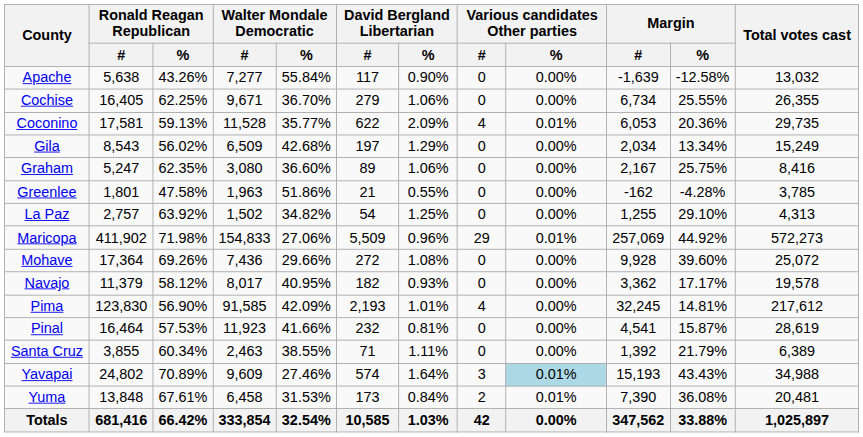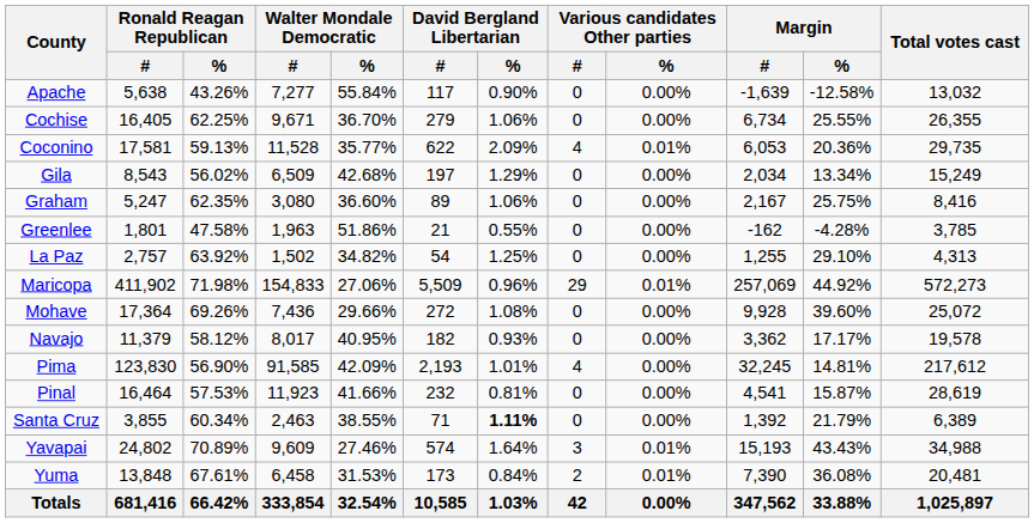 <table width="60%" class="wikitable sortable">
 <tr>
 <th rowspan="2">County</th>
 <th style="text-align:center;" colspan="2">Ronald Reagan<br>Republican</th>
 <th style="text-align:center;" colspan="2">Walter Mondale<br>Democratic</th>
 <th style="text-align:center;" colspan="2">David Bergland<br>Libertarian</th>
 <th style="text-align:center;" colspan="2">Various candidates<br>Other parties</th>
 <th style="text-align:center;" colspan="2">Margin</th>
 <th style="text-align:center;" rowspan="2">Total votes cast</th>
 </tr>
 <tr>
 <th style="text-align:center;" data-sort-type="number">#</th>
 <th style="text-align:center;" data-sort-type="number">%</th>
 <th style="text-align:center;" data-sort-type="number">#</th>
 <th style="text-align:center;" data-sort-type="number">%</th>
 <th style="text-align:center;" data-sort-type="number">#</th>
 <th style="text-align:center;" data-sort-type="number">%</th>
 <th style="text-align:center;" data-sort-type="number">#</th>
 <th style="text-align:center;" data-sort-type="number">%</th>
 <th style="text-align:center;" data-sort-type="number">#</th>
 <th style="text-align:center;" data-sort-type="number">%</th>
 </tr>
 <tr style="text-align:center;">
 <td><a href='#'>Apache</a></td>
 <td>5,638</td>
 <td>43.26%</td>
 <td>7,277</td>
 <td>55.84%</td>
 <td>117</td>
 <td>0.90%</td>
 <td>0</td>
 <td>0.00%</td>
 <td>-1,639</td>
 <td>-12.58%</td>
 <td>13,032</td>
 </tr>
 <tr style="text-align:center;">
 <td><a href='#'>Cochise</a></td>
 <td>16,405</td>
 <td>62.25%</td>
 <td>9,671</td>
 <td>36.70%</td>
 <td>279</td>
 <td>1.06%</td>
 <td>0</td>
 <td>0.00%</td>
 <td>6,734</td>
 <td>25.55%</td>
 <td>26,355</td>
 </tr>
 <tr style="text-align:center;">
 <td><a href='#'>Coconino</a></td>
 <td>17,581</td>
 <td>59.13%</td>
 <td>11,528</td>
 <td>35.77%</td>
 <td>622</td>
 <td>2.09%</td>
 <td>4</td>
 <td>0.01%</td>
 <td>6,053</td>
 <td>20.36%</td>
 <td>29,735</td>
 </tr>
 <tr style="text-align:center;">
 <td><a href='#'>Gila</a></td>
 <td>8,543</td>
 <td>56.02%</td>
 <td>6,509</td>
 <td>42.68%</td>
 <td>197</td>
 <td>1.29%</td>
 <td>0</td>
 <td>0.00%</td>
 <td>2,034</td>
 <td>13.34%</td>
 <td>15,249</td>
 </tr>
 <tr style="text-align:center;">
 <td><a href='#'>Graham</a></td>
 <td>5,247</td>
 <td>62.35%</td>
 <td>3,080</td>
 <td>36.60%</td>
 <td>89</td>
 <td>1.06%</td>
 <td>0</td>
 <td>0.00%</td>
 <td>2,167</td>
 <td>25.75%</td>
 <td>8,416</td>
 </tr>
 <tr style="text-align:center;">
 <td><a href='#'>Greenlee</a></td>
 <td>1,801</td>
 <td>47.58%</td>
 <td>1,963</td>
 <td>51.86%</td>
 <td>21</td>
 <td>0.55%</td>
 <td>0</td>
 <td>0.00%</td>
 <td>-162</td>
 <td>-4.28%</td>
 <td>3,785</td>
 </tr>
 <tr style="text-align:center;">
 <td><a href='#'>La Paz</a></td>
 <td>2,757</td>
 <td>63.92%</td>
 <td>1,502</td>
 <td>34.82%</td>
 <td>54</td>
 <td>1.25%</td>
 <td>0</td>
 <td>0.00%</td>
 <td>1,255</td>
 <td>29.10%</td>
 <td>4,313</td>
 </tr>
 <tr style="text-align:center;">
 <td><a href='#'>Maricopa</a></td>
 <td>411,902</td>
 <td>71.98%</td>
 <td>154,833</td>
 <td>27.06%</td>
 <td>5,509</td>
 <td>0.96%</td>
 <td>29</td>
 <td>0.01%</td>
 <td>257,069</td>
 <td>44.92%</td>
 <td>572,273</td>
 </tr>
 <tr style="text-align:center;">
 <td><a href='#'>Mohave</a></td>
 <td>17,364</td>
 <td>69.26%</td>
 <td>7,436</td>
 <td>29.66%</td>
 <td>272</td>
 <td>1.08%</td>
 <td>0</td>
 <td>0.00%</td>
 <td>9,928</td>
 <td>39.60%</td>
 <td>25,072</td>
 </tr>
 <tr style="text-align:center;">
 <td><a href='#'>Navajo</a></td>
 <td>11,379</td>
 <td>58.12%</td>
 <td>8,017</td>
 <td>40.95%</td>
 <td>182</td>
 <td>0.93%</td>
 <td>0</td>
 <td>0.00%</td>
 <td>3,362</td>
 <td>17.17%</td>
 <td>19,578</td>
 </tr>
 <tr style="text-align:center;">
 <td><a href='#'>Pima</a></td>
 <td>123,830</td>
 <td>56.90%</td>
 <td>91,585</td>
 <td>42.09%</td>
 <td>2,193</td>
 <td>1.01%</td>
 <td>4</td>
 <td>0.00%</td>
 <td>32,245</td>
 <td>14.81%</td>
 <td>217,612</td>
 </tr>
 <tr style="text-align:center;">
 <td><a href='#'>Pinal</a></td>
 <td>16,464</td>
 <td>57.53%</td>
 <td>11,923</td>
 <td>41.66%</td>
 <td>232</td>
 <td>0.81%</td>
 <td>0</td>
 <td>0.00%</td>
 <td>4,541</td>
 <td>15.87%</td>
 <td>28,619</td>
 </tr>
 <tr style="text-align:center;">
 <td><a href='#'>Santa Cruz</a></td>
 <td>3,855</td>
 <td>60.34%</td>
 <td>2,463</td>
 <td>38.55%</td>
 <td>71</td>
-<td>1.11%</td>
+<td><strong>1.11%</strong></td>
 <td>0</td>
 <td>0.00%</td>
 <td>1,392</td>
 <td>21.79%</td>
 <td>6,389</td>
 </tr>
 <tr style="text-align:center;">
 <td><a href='#'>Yavapai</a></td>
 <td>24,802</td>
 <td>70.89%</td>
 <td>9,609</td>
 <td>27.46%</td>
 <td>574</td>
 <td>1.64%</td>
 <td>3</td>
-<td style="background: lightblue;">0.01%</td>
+<td>0.01%</td>
 <td>15,193</td>
 <td>43.43%</td>
 <td>34,988</td>
 </tr>
 <tr style="text-align:center;">
 <td><a href='#'>Yuma</a></td>
 <td>13,848</td>
 <td>67.61%</td>
 <td>6,458</td>
 <td>31.53%</td>
 <td>173</td>
 <td>0.84%</td>
 <td>2</td>
 <td>0.01%</td>
 <td>7,390</td>
 <td>36.08%</td>
 <td>20,481</td>
 </tr>
 <tr style="text-align:center;">
 <th>Totals</th>
 <th>681,416</th>
 <th>66.42%</th>
 <th>333,854</th>
 <th>32.54%</th>
 <th>10,585</th>
 <th>1.03%</th>
 <th>42</th>
 <th>0.00%</th>
 <th>347,562</th>
 <th>33.88%</th>
 <th>1,025,897</th>
 </tr>
 </table>
